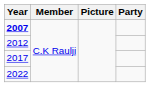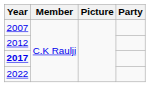 <table class="wikitable sortable">
 <tr>
 <th>Year</th>
 <th>Member</th>
 <th>Picture</th>
 <th colspan="2">Party</th>
 </tr>
 <tr>
-<td><strong><a href='#'>2007</a></strong></td>
+<td><a href='#'>2007</a></td>
 <td rowspan=4><a href='#'>C.K Raulji</a></td>
 <td rowspan=4></td>
 <td></td>
 </tr>
 <tr>
 <td><a href='#'>2012</a></td>
 </tr>
 <tr>
-<td><a href='#'>2017</a></td>
+<td><strong><a href='#'>2017</a></strong></td>
 <td></td>
 </tr>
 <tr>
 <td><a href='#'>2022</a></td>
 </tr>
 </table>
